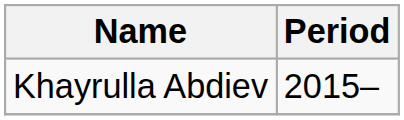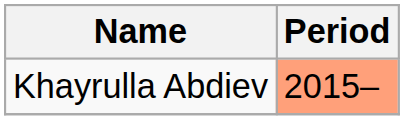 <table class="wikitable">
 <tr>
 <th>Name</th>
 <th>Period</th>
 </tr>
 <tr>
 <td> Khayrulla Abdiev</td>
-<td>2015–</td>
+<td style="background: lightsalmon;">2015–</td>
 </tr>
 <tr>
 </tr>
 </table>
